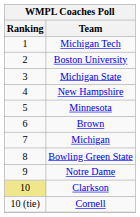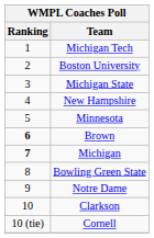 <table class="wikitable" style="text-align:center;">
 <tr>
 <th colspan=2><strong>WMPL Coaches Poll</strong></th>
 </tr>
 <tr>
 <th>Ranking</th>
 <th>Team</th>
 </tr>
 <tr>
 <td>1</td>
 <td><a href='#'>Michigan Tech</a></td>
 </tr>
 <tr>
 <td>2</td>
 <td><a href='#'>Boston University</a></td>
 </tr>
 <tr>
 <td>3</td>
 <td><a href='#'>Michigan State</a></td>
 </tr>
 <tr>
 <td>4</td>
 <td><a href='#'>New Hampshire</a></td>
 </tr>
 <tr>
 <td>5</td>
 <td><a href='#'>Minnesota</a></td>
 </tr>
 <tr>
-<td>6</td>
+<td><strong>6</strong></td>
 <td><a href='#'>Brown</a></td>
 </tr>
 <tr>
-<td>7</td>
+<td><strong>7</strong></td>
 <td><a href='#'>Michigan</a></td>
 </tr>
 <tr>
 <td>8</td>
 <td><a href='#'>Bowling Green State</a></td>
 </tr>
 <tr>
 <td>9</td>
 <td><a href='#'>Notre Dame</a></td>
 </tr>
 <tr>
-<td style="background: khaki;">10</td>
+<td>10</td>
 <td><a href='#'>Clarkson</a></td>
 </tr>
 <tr>
 <td>10 (tie)</td>
 <td><a href='#'>Cornell</a></td>
 </tr>
 <tr>
 </tr>
 </table>
